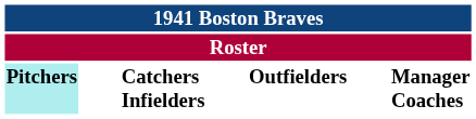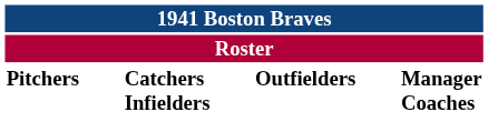 <table class="toccolours" style="font-size: 95%;">
 <tr>
 <th colspan="10" style="background-color: #0f437c; color: white; text-align: center;">1941 Boston Braves</th>
 </tr>
 <tr>
 <td colspan="10" style="background-color: #af0039; color: white; text-align: center;"><strong>Roster</strong></td>
 </tr>
 <tr>
-<td valign="top" style="background: paleturquoise;"><strong>Pitchers</strong><br>              </td>
+<td valign="top"><strong>Pitchers</strong><br>              </td>
 <td width="25px"></td>
 <td valign="top"><strong>Catchers</strong><br>   <strong>Infielders</strong>          </td>
 <td width="25px"></td>
 <td valign="top"><strong>Outfielders</strong><br>          </td>
 <td width="25px"></td>
 <td valign="top"><strong>Manager</strong><br> <strong>Coaches</strong>  </td>
 </tr>
 </table>
